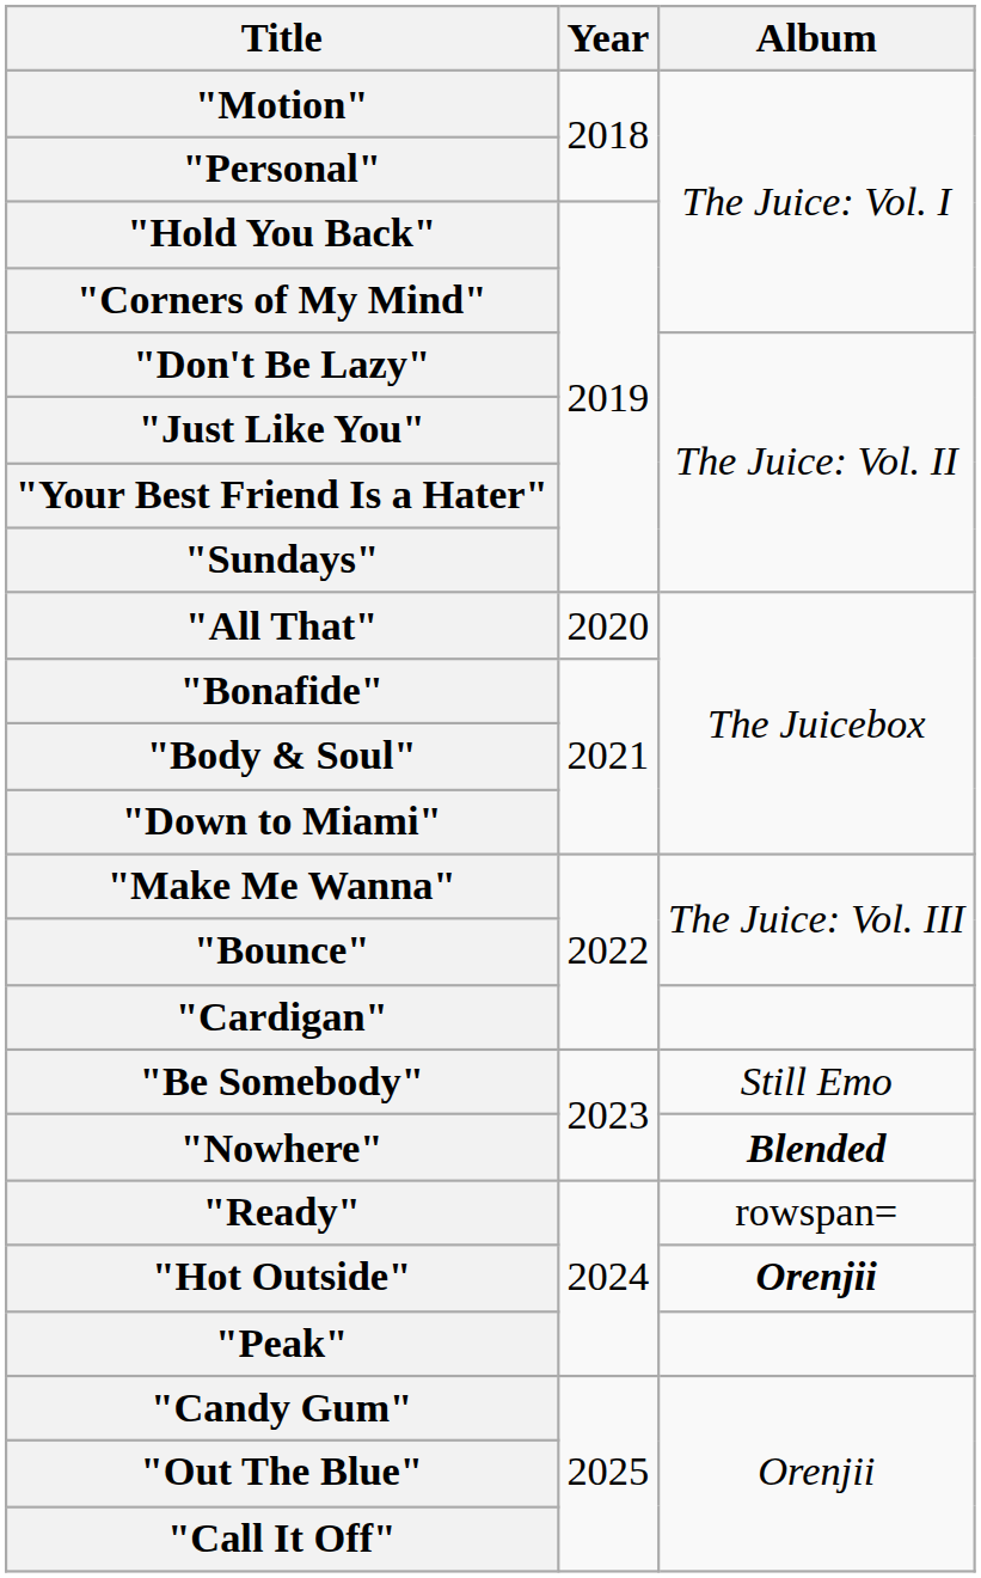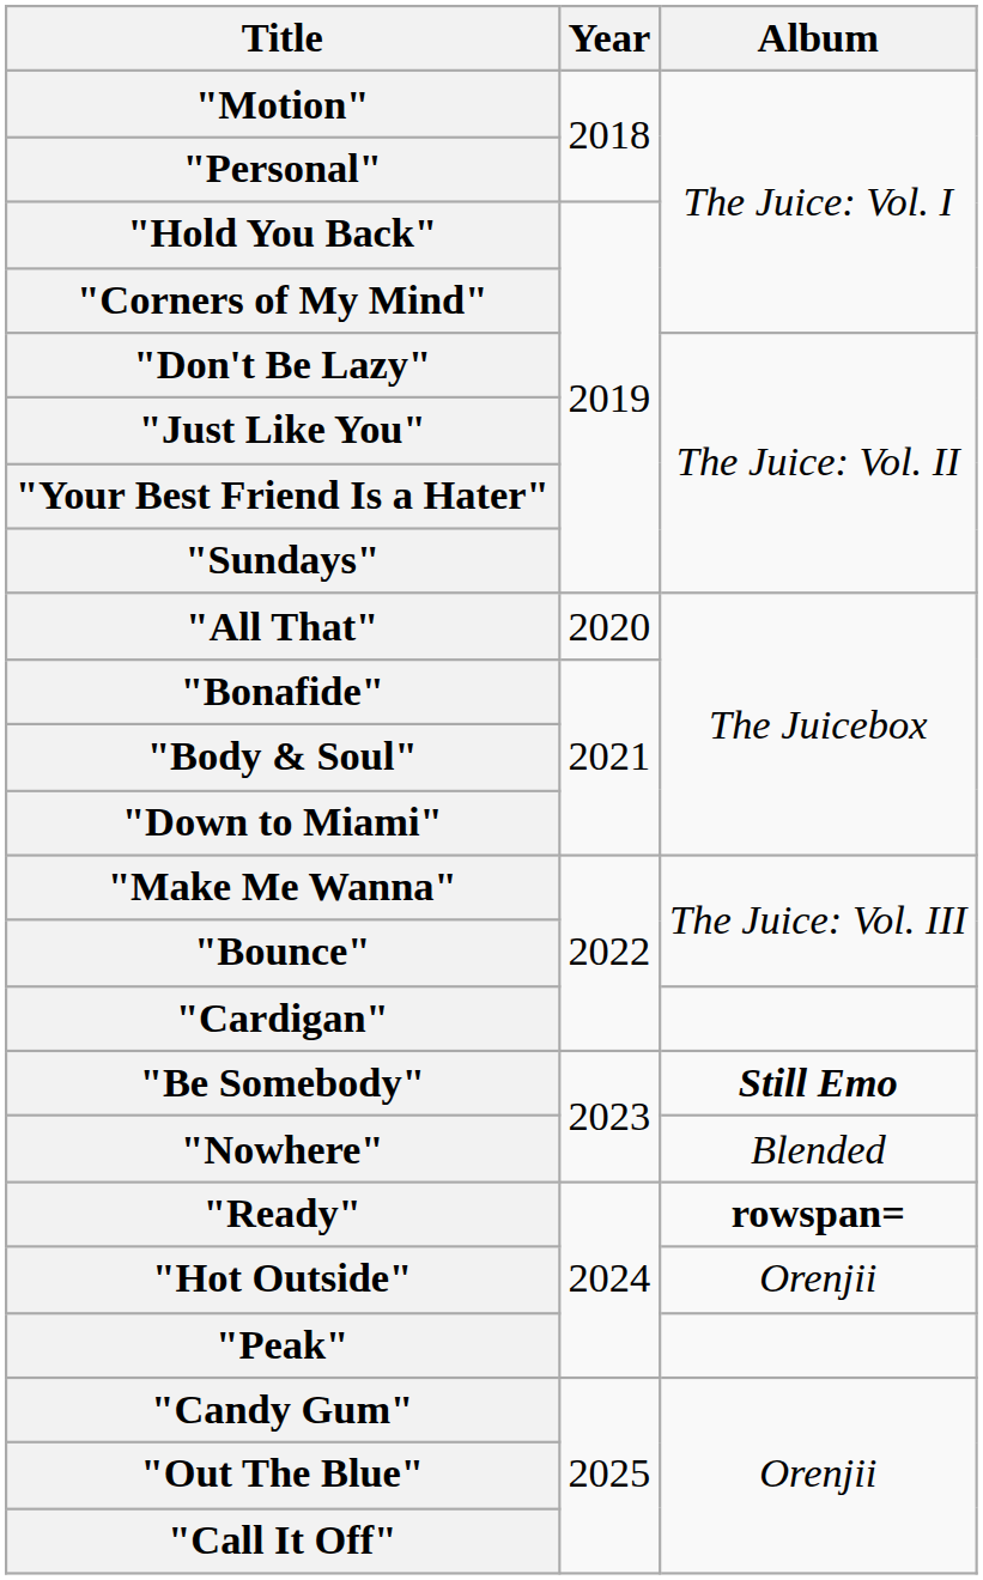 <table class="wikitable plainrowheaders" style="text-align:center;">
 <tr>
 <th scope="col">Title</th>
 <th scope="col">Year</th>
 <th scope="col">Album</th>
 </tr>
 <tr>
 <th scope="row">"Motion"</th>
 <td rowspan="2">2018</td>
 <td rowspan="4"><em>The Juice: Vol. I</em></td>
 </tr>
 <tr>
 <th scope="row">"Personal"</th>
 </tr>
 <tr>
 <th scope="row">"Hold You Back"</th>
 <td rowspan="6">2019</td>
 </tr>
 <tr>
 <th scope="row">"Corners of My Mind"</th>
 </tr>
 <tr>
 <th scope="row">"Don't Be Lazy"</th>
 <td rowspan="4"><em>The Juice: Vol. II</em></td>
 </tr>
 <tr>
 <th scope="row">"Just Like You"</th>
 </tr>
 <tr>
 <th scope="row">"Your Best Friend Is a Hater"</th>
 </tr>
 <tr>
 <th scope="row">"Sundays"</th>
 </tr>
 <tr>
 <th scope="row">"All That"<br></th>
 <td>2020</td>
 <td rowspan="4"><em>The Juicebox</em></td>
 </tr>
 <tr>
 <th scope="row">"Bonafide"<br></th>
 <td rowspan="3">2021</td>
 </tr>
 <tr>
 <th scope="row">"Body & Soul"<br></th>
 </tr>
 <tr>
 <th scope="row">"Down to Miami"<br></th>
 </tr>
 <tr>
 <th scope="row">"Make Me Wanna"</th>
 <td rowspan="3">2022</td>
 <td rowspan="2"><em>The Juice: Vol. III</em></td>
 </tr>
 <tr>
 <th scope="row">"Bounce"</th>
 </tr>
 <tr>
 <th scope="row">"Cardigan"<br></th>
 <td></td>
 </tr>
 <tr>
 <th scope="row">"Be Somebody"<br></th>
 <td rowspan="2">2023</td>
-<td><em>Still Emo</em></td>
+<td><strong><em>Still Emo</em></strong></td>
 </tr>
 <tr>
 <th scope="row">"Nowhere"<br></th>
-<td><strong><em>Blended</em></strong></td>
+<td><em>Blended</em></td>
 </tr>
 <tr>
 <th scope="row">"Ready"</th>
 <td rowspan="3">2024</td>
-<td>rowspan= </td>
+<td><strong>rowspan= </strong></td>
 </tr>
 <tr>
 <th scope="row">"Hot Outside"<br></th>
-<td><strong><em>Orenjii</em></strong></td>
+<td><em>Orenjii</em></td>
 </tr>
 <tr>
 <th scope="row">"Peak"</th>
 <td></td>
 </tr>
 <tr>
 <th scope="row">"Candy Gum"<br></th>
 <td rowspan="3">2025</td>
 <td rowspan="3"><em>Orenjii</em></td>
 </tr>
 <tr>
 <th scope="row">"Out The Blue"</th>
 </tr>
 <tr>
 <th scope="row">"Call It Off"<br></th>
 </tr>
 </table>
